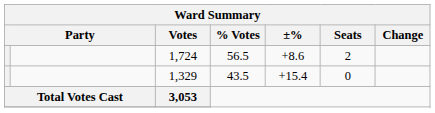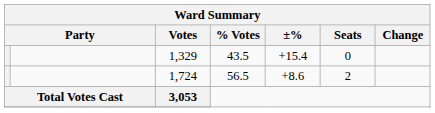 <table class="wikitable" style="font-size: 95%;">
 <tr>
 <th colspan="7">Ward Summary</th>
 </tr>
 <tr>
 <th colspan="2">Party</th>
 <th style="width: 60px">Votes</th>
 <th style="width: 60px">% Votes</th>
 <th style="width: 60px">±%</th>
 <th style="width: 60px">Seats</th>
 <th style="width: 60px">Change</th>
 </tr>
 <tr>
 <th style="background-color: "></th>
 <td style="width: 170px"><a href='#'></a></td>
-<td align="center">1,724</td>
-<td align="center">56.5</td>
-<td align="center">+8.6</td>
-<td align="center">2</td>
+<td align="center">1,329</td>
+<td align="center">43.5</td>
+<td align="center">+15.4</td>
+<td align="center">0</td>
 <td align="center"></td>
 </tr>
 <tr>
 <th style="background-color: "></th>
 <td style="width: 170px"><a href='#'></a></td>
-<td align="center">1,329</td>
-<td align="center">43.5</td>
-<td align="center">+15.4</td>
-<td align="center">0</td>
+<td align="center">1,724</td>
+<td align="center">56.5</td>
+<td align="center">+8.6</td>
+<td align="center">2</td>
 <td align="center"></td>
 </tr>
 <tr style="background-color:#E9E9E9">
 <th colspan="2">Total Votes Cast</th>
 <th style="width: 60px">3,053</th>
 </tr>
 <tr style="background-color:#E9E9E9">
 </tr>
 </table>
